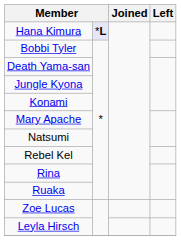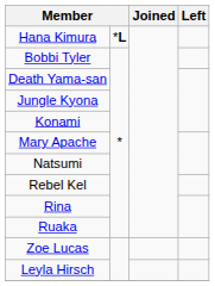 <table class="wikitable sortable" style="text-align:center;">
 <tr>
 <th colspan="2">Member</th>
 <th>Joined</th>
 <th>Left</th>
 </tr>
 <tr>
 <td><a href='#'>Hana Kimura</a></td>
-<td style="background: lavender;">*<strong>L</strong></td>
+<td>*<strong>L</strong></td>
 <td rowspan=10></td>
 <td></td>
 </tr>
 <tr>
 <td><a href='#'>Bobbi Tyler</a></td>
 <td rowspan=9>*</td>
 <td></td>
 </tr>
 <tr>
 <td><a href='#'>Death Yama-san</a></td>
 <td rowspan=3></td>
 </tr>
 <tr>
 <td><a href='#'>Jungle Kyona</a></td>
 </tr>
 <tr>
 <td><a href='#'>Konami</a></td>
 </tr>
 <tr>
 <td><a href='#'>Mary Apache</a></td>
 <td rowspan=2></td>
 </tr>
 <tr>
 <td>Natsumi</td>
 </tr>
 <tr>
 <td>Rebel Kel</td>
 <td></td>
 </tr>
 <tr>
 <td><a href='#'>Rina</a></td>
 <td rowspan=2></td>
 </tr>
 <tr>
 <td><a href='#'>Ruaka</a></td>
 </tr>
 <tr>
 <td><a href='#'>Zoe Lucas</a></td>
 <td rowspan=2></td>
 <td></td>
 <td></td>
 </tr>
 <tr>
 <td><a href='#'>Leyla Hirsch</a></td>
 <td></td>
 <td></td>
 </tr>
 <tr>
 </tr>
 </table>
